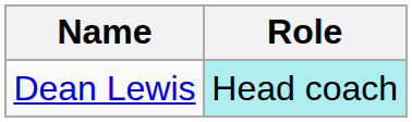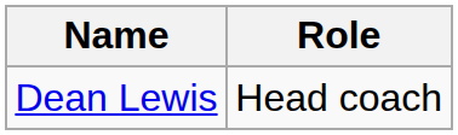 <table class="wikitable">
 <tr>
 <th>Name</th>
 <th>Role</th>
 </tr>
 <tr>
 <td> <a href='#'>Dean Lewis</a></td>
-<td style="background: paleturquoise;">Head coach</td>
+<td>Head coach</td>
 </tr>
 </table>
